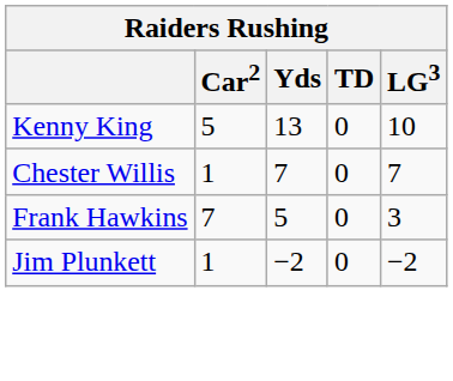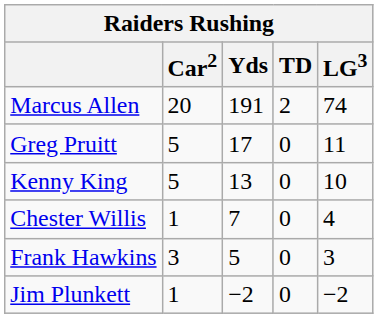 <table class="wikitable">
 <tr>
 <th colspan="5">Raiders Rushing</th>
 </tr>
 <tr>
 <th></th>
 <th>Car<sup>2</sup></th>
 <th>Yds</th>
 <th>TD</th>
 <th>LG<sup>3</sup></th>
+</tr>
+<tr>
+<td><a href='#'>Marcus Allen</a></td>
+<td>20</td>
+<td>191</td>
+<td>2</td>
+<td>74</td>
+</tr>
+<tr>
+<td><a href='#'>Greg Pruitt</a></td>
+<td>5</td>
+<td>17</td>
+<td>0</td>
+<td>11</td>
 </tr>
 <tr>
 <td><a href='#'>Kenny King</a></td>
 <td>5</td>
 <td>13</td>
 <td>0</td>
 <td>10</td>
 </tr>
 <tr>
 <td><a href='#'>Chester Willis</a></td>
 <td>1</td>
 <td>7</td>
 <td>0</td>
-<td>7</td>
+<td>4</td>
 </tr>
 <tr>
 <td><a href='#'>Frank Hawkins</a></td>
-<td>7</td>
+<td>3</td>
 <td>5</td>
 <td>0</td>
 <td>3</td>
 </tr>
 <tr>
 <td><a href='#'>Jim Plunkett</a></td>
 <td>1</td>
 <td>−2</td>
 <td>0</td>
 <td>−2</td>
 </tr>
 </table>
